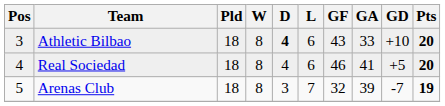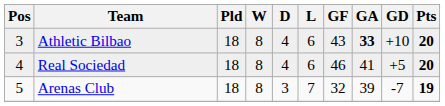 <table class="wikitable" style="text-align:center">
 <tr>
 <th width=20>Pos</th>
 <th width=185>Team</th>
 <th width=20>Pld</th>
 <th width=20>W</th>
 <th width=20>D</th>
 <th width=20>L</th>
 <th width=20>GF</th>
 <th width=20>GA</th>
 <th width=20>GD</th>
 <th width=20>Pts</th>
 </tr>
 <tr bgcolor=#EFEFEF>
 <td>3</td>
 <td align="left"><a href='#'>Athletic Bilbao</a></td>
 <td>18</td>
 <td>8</td>
-<td><strong>4</strong></td>
+<td>4</td>
 <td>6</td>
 <td>43</td>
-<td>33</td>
+<td><strong>33</strong></td>
 <td>+10</td>
 <td><strong>20</strong></td>
 </tr>
 <tr align="center" bgcolor="#EFEFEF">
 <td>4</td>
 <td align="left"><a href='#'>Real Sociedad</a></td>
 <td>18</td>
 <td>8</td>
 <td>4</td>
 <td>6</td>
 <td>46</td>
 <td>41</td>
 <td>+5</td>
 <td><strong>20</strong></td>
 </tr>
 <tr align="center">
 <td>5</td>
 <td align="left"><a href='#'>Arenas Club</a></td>
 <td>18</td>
 <td>8</td>
 <td>3</td>
 <td>7</td>
 <td>32</td>
 <td>39</td>
 <td>-7</td>
 <td><strong>19</strong></td>
 </tr>
 <tr align="center" bgcolor="#EFEFEF">
 </tr>
 </table>
